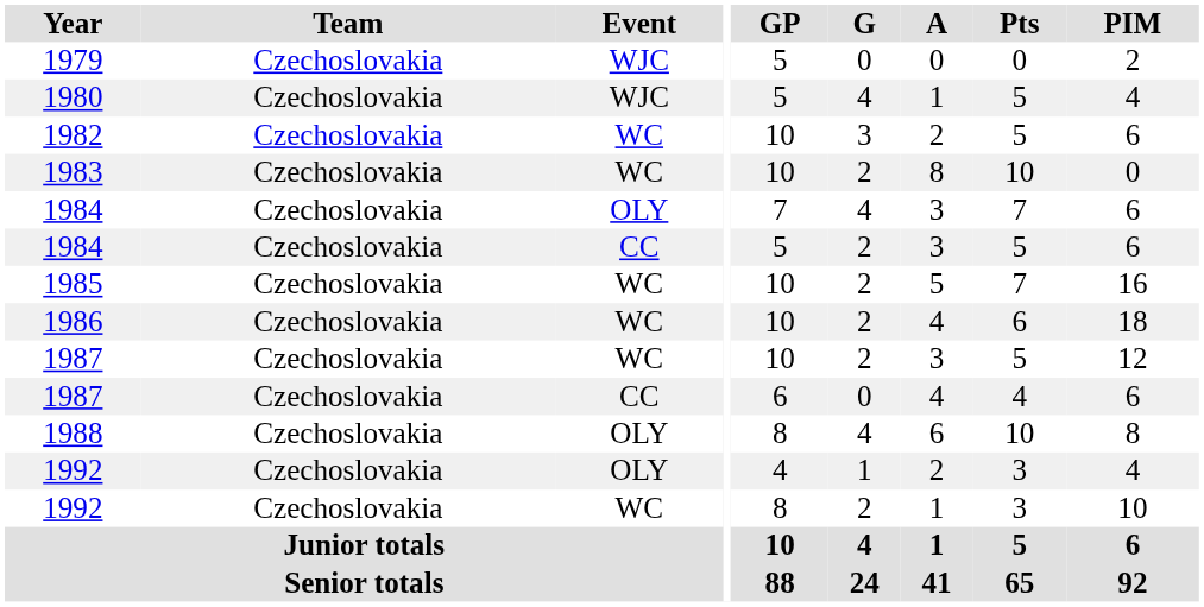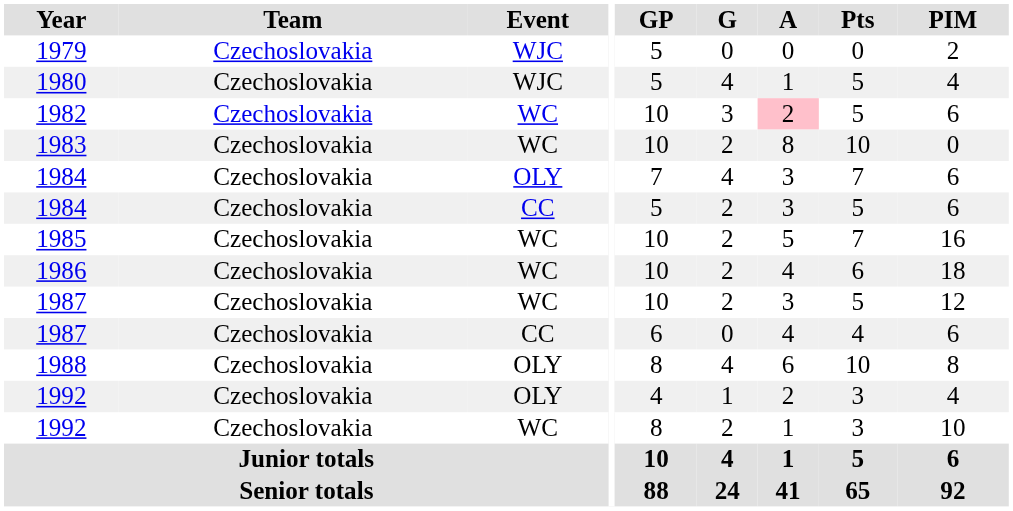 <table border="0" cellpadding="1" cellspacing="0" ID="Table3" style="text-align:center; width:40em">
 <tr bgcolor="#e0e0e0">
 <th>Year</th>
 <th>Team</th>
 <th>Event</th>
 <th rowspan="102" bgcolor="#ffffff"></th>
 <th>GP</th>
 <th>G</th>
 <th>A</th>
 <th>Pts</th>
 <th>PIM</th>
 </tr>
 <tr>
 <td><a href='#'>1979</a></td>
 <td><a href='#'>Czechoslovakia</a></td>
 <td><a href='#'>WJC</a></td>
 <td>5</td>
 <td>0</td>
 <td>0</td>
 <td>0</td>
 <td>2</td>
 </tr>
 <tr bgcolor="#f0f0f0">
 <td><a href='#'>1980</a></td>
 <td>Czechoslovakia</td>
 <td>WJC</td>
 <td>5</td>
 <td>4</td>
 <td>1</td>
 <td>5</td>
 <td>4</td>
 </tr>
 <tr>
 <td><a href='#'>1982</a></td>
 <td><a href='#'>Czechoslovakia</a></td>
 <td><a href='#'>WC</a></td>
 <td>10</td>
 <td>3</td>
-<td>2</td>
+<td style="background: pink;">2</td>
 <td>5</td>
 <td>6</td>
 </tr>
 <tr bgcolor="#f0f0f0">
 <td><a href='#'>1983</a></td>
 <td>Czechoslovakia</td>
 <td>WC</td>
 <td>10</td>
 <td>2</td>
 <td>8</td>
 <td>10</td>
 <td>0</td>
 </tr>
 <tr>
 <td><a href='#'>1984</a></td>
 <td>Czechoslovakia</td>
 <td><a href='#'>OLY</a></td>
 <td>7</td>
 <td>4</td>
 <td>3</td>
 <td>7</td>
 <td>6</td>
 </tr>
 <tr bgcolor="#f0f0f0">
 <td><a href='#'>1984</a></td>
 <td>Czechoslovakia</td>
 <td><a href='#'>CC</a></td>
 <td>5</td>
 <td>2</td>
 <td>3</td>
 <td>5</td>
 <td>6</td>
 </tr>
 <tr>
 <td><a href='#'>1985</a></td>
 <td>Czechoslovakia</td>
 <td>WC</td>
 <td>10</td>
 <td>2</td>
 <td>5</td>
 <td>7</td>
 <td>16</td>
 </tr>
 <tr bgcolor="#f0f0f0">
 <td><a href='#'>1986</a></td>
 <td>Czechoslovakia</td>
 <td>WC</td>
 <td>10</td>
 <td>2</td>
 <td>4</td>
 <td>6</td>
 <td>18</td>
 </tr>
 <tr>
 <td><a href='#'>1987</a></td>
 <td>Czechoslovakia</td>
 <td>WC</td>
 <td>10</td>
 <td>2</td>
 <td>3</td>
 <td>5</td>
 <td>12</td>
 </tr>
 <tr bgcolor="#f0f0f0">
 <td><a href='#'>1987</a></td>
 <td>Czechoslovakia</td>
 <td>CC</td>
 <td>6</td>
 <td>0</td>
 <td>4</td>
 <td>4</td>
 <td>6</td>
 </tr>
 <tr>
 <td><a href='#'>1988</a></td>
 <td>Czechoslovakia</td>
 <td>OLY</td>
 <td>8</td>
 <td>4</td>
 <td>6</td>
 <td>10</td>
 <td>8</td>
 </tr>
 <tr bgcolor="#f0f0f0">
 <td><a href='#'>1992</a></td>
 <td>Czechoslovakia</td>
 <td>OLY</td>
 <td>4</td>
 <td>1</td>
 <td>2</td>
 <td>3</td>
 <td>4</td>
 </tr>
 <tr>
 <td><a href='#'>1992</a></td>
 <td>Czechoslovakia</td>
 <td>WC</td>
 <td>8</td>
 <td>2</td>
 <td>1</td>
 <td>3</td>
 <td>10</td>
 </tr>
 <tr bgcolor="#e0e0e0">
 <th colspan=3>Junior totals</th>
 <th>10</th>
 <th>4</th>
 <th>1</th>
 <th>5</th>
 <th>6</th>
 </tr>
 <tr bgcolor="#e0e0e0">
 <th colspan=3>Senior totals</th>
 <th>88</th>
 <th>24</th>
 <th>41</th>
 <th>65</th>
 <th>92</th>
 </tr>
 </table>
